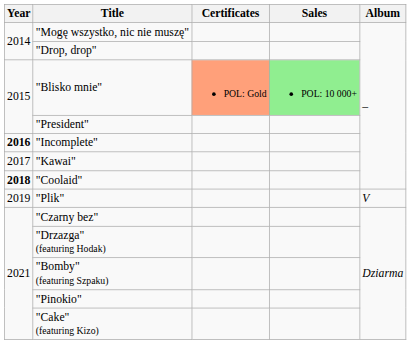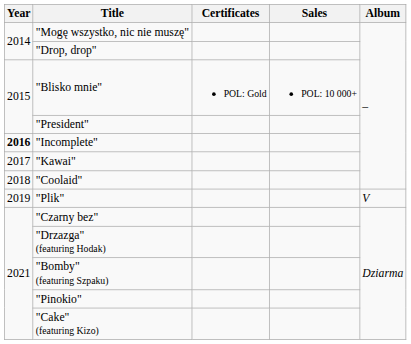 <table class="wikitable">
 <tr>
 <th>Year</th>
 <th>Title</th>
 <th>Certificates</th>
 <th>Sales</th>
 <th>Album</th>
 </tr>
 <tr>
 <td rowspan="2">2014</td>
 <td>"Mogę wszystko, nic nie muszę"</td>
 <td></td>
 <td></td>
 <td rowspan="7"><em>–</em></td>
 </tr>
 <tr>
 <td>"Drop, drop"</td>
 <td></td>
 <td></td>
 </tr>
 <tr>
 <td rowspan="2">2015</td>
 <td>"Blisko mnie"</td>
-<td style="background: lightsalmon;"><br><ul><li><small>POL: Gold</small></li></ul></td>
-<td style="background: lightgreen;"><br><ul><li><small>POL: 10 000+</small></li></ul></td>
+<td><br><ul><li><small>POL: Gold</small></li></ul></td>
+<td><br><ul><li><small>POL: 10 000+</small></li></ul></td>
 </tr>
 <tr>
 <td>"President"</td>
 <td></td>
 <td></td>
 </tr>
 <tr>
 <td><strong>2016</strong></td>
 <td>"Incomplete"</td>
 <td></td>
 <td></td>
 </tr>
 <tr>
 <td>2017</td>
 <td>"Kawai"</td>
 <td></td>
 <td></td>
 </tr>
 <tr>
-<td><strong>2018</strong></td>
+<td>2018</td>
 <td>"Coolaid"</td>
 <td></td>
 <td></td>
 </tr>
 <tr>
 <td>2019</td>
 <td>"Plik"</td>
 <td></td>
 <td></td>
 <td><em>V</em></td>
 </tr>
 <tr>
 <td rowspan="5">2021</td>
 <td>"Czarny bez"</td>
 <td></td>
 <td></td>
 <td rowspan="5"><em>Dziarma</em></td>
 </tr>
 <tr>
 <td>"Drzazga"<br><small>(featuring Hodak)</small></td>
 <td></td>
 <td></td>
 </tr>
 <tr>
 <td>"Bomby"<br><small>(featuring Szpaku)</small></td>
 <td></td>
 <td></td>
 </tr>
 <tr>
 <td>"Pinokio"</td>
 <td></td>
 <td></td>
 </tr>
 <tr>
 <td>"Cake"<br><small>(featuring Kizo)</small></td>
 <td></td>
 <td></td>
 </tr>
 </table>
